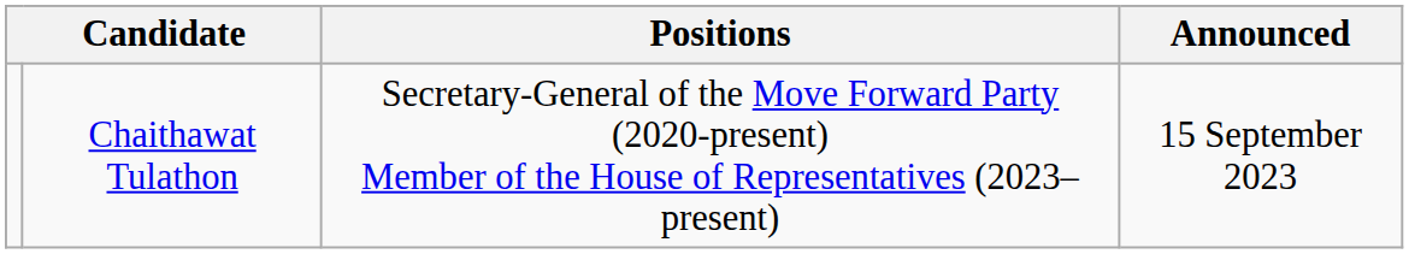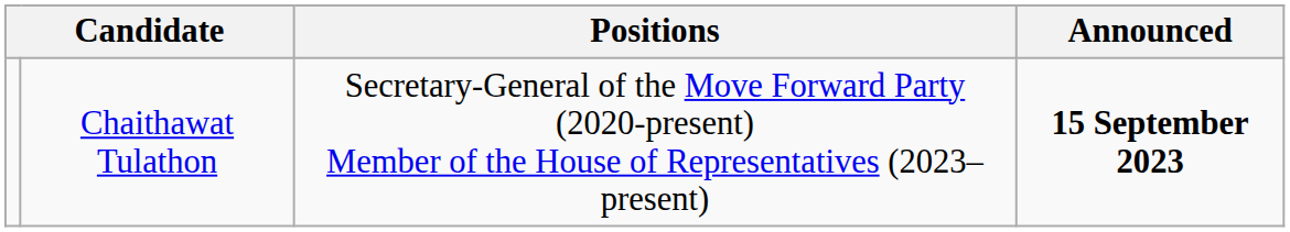 <table class="wikitable sortable" style="text-align:center">
 <tr>
 <th colspan="2">Candidate</th>
 <th>Positions</th>
 <th>Announced</th>
 </tr>
 <tr>
 <td></td>
 <td><a href='#'>Chaithawat Tulathon</a></td>
 <td>Secretary-General of the <a href='#'>Move Forward Party</a> (2020-present)<br><a href='#'>Member of the House of Representatives</a> (2023–present)</td>
-<td>15 September 2023</td>
+<td><strong>15 September 2023</strong></td>
 </tr>
 </table>
